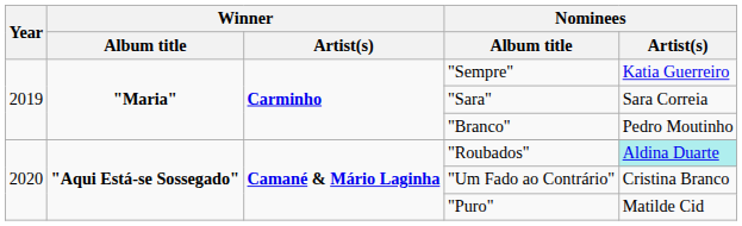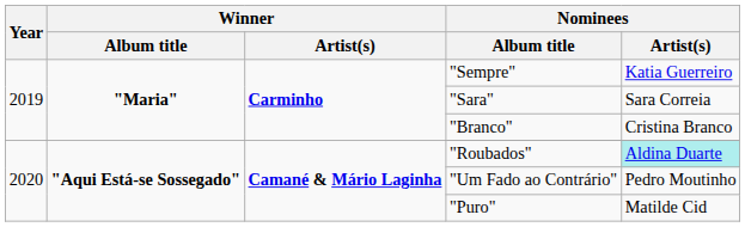 <table class="wikitable sortable">
 <tr>
 <th rowspan="2">Year</th>
 <th colspan="2">Winner</th>
 <th colspan="2">Nominees</th>
 </tr>
 <tr>
 <th>Album title</th>
 <th>Artist(s)</th>
 <th>Album title</th>
 <th>Artist(s)</th>
 </tr>
 <tr>
 <td rowspan="3" align="center">2019</td>
 <td rowspan="3" align="center"><strong>"Maria"</strong></td>
 <td rowspan="3"><strong><a href='#'>Carminho</a></strong></td>
 <td>"Sempre"</td>
 <td><a href='#'>Katia Guerreiro</a></td>
 </tr>
 <tr>
 <td>"Sara"</td>
 <td>Sara Correia</td>
 </tr>
 <tr>
 <td>"Branco"</td>
-<td>Pedro Moutinho</td>
+<td>Cristina Branco</td>
 </tr>
 <tr>
 <td rowspan="4" align="center">2020</td>
 <td rowspan="4"><strong>"Aqui Está-se Sossegado"</strong></td>
 <td rowspan="4"><strong><a href='#'>Camané</a> & <a href='#'>Mário Laginha</a></strong></td>
 </tr>
 <tr>
 <td>"Roubados"</td>
 <td style="background: paleturquoise;"><a href='#'>Aldina Duarte</a></td>
 </tr>
 <tr>
 <td>"Um Fado ao Contrário"</td>
-<td>Cristina Branco</td>
+<td>Pedro Moutinho</td>
 </tr>
 <tr>
 <td>"Puro"</td>
 <td>Matilde Cid</td>
 </tr>
 </table>
